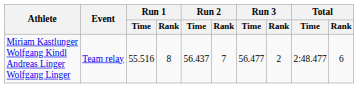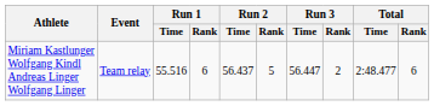 <table class="wikitable" style="font-size:90%">
 <tr>
 <th rowspan="2">Athlete</th>
 <th rowspan="2">Event</th>
 <th colspan=2>Run 1</th>
 <th colspan=2>Run 2</th>
 <th colspan=2>Run 3</th>
 <th colspan=2>Total</th>
 </tr>
 <tr style="font-size:95%">
 <th>Time</th>
 <th>Rank</th>
 <th>Time</th>
 <th>Rank</th>
 <th>Time</th>
 <th>Rank</th>
 <th>Time</th>
 <th>Rank</th>
 </tr>
 <tr align=center>
 <td align=left><a href='#'>Miriam Kastlunger</a><br><a href='#'>Wolfgang Kindl</a><br><a href='#'>Andreas Linger</a><br><a href='#'>Wolfgang Linger</a></td>
 <td align=left><a href='#'>Team relay</a></td>
 <td>55.516</td>
-<td>8</td>
+<td>6</td>
 <td>56.437</td>
-<td>7</td>
-<td>56.477</td>
+<td>5</td>
+<td>56.447</td>
 <td>2</td>
 <td>2:48.477</td>
 <td>6</td>
 </tr>
 </table>
